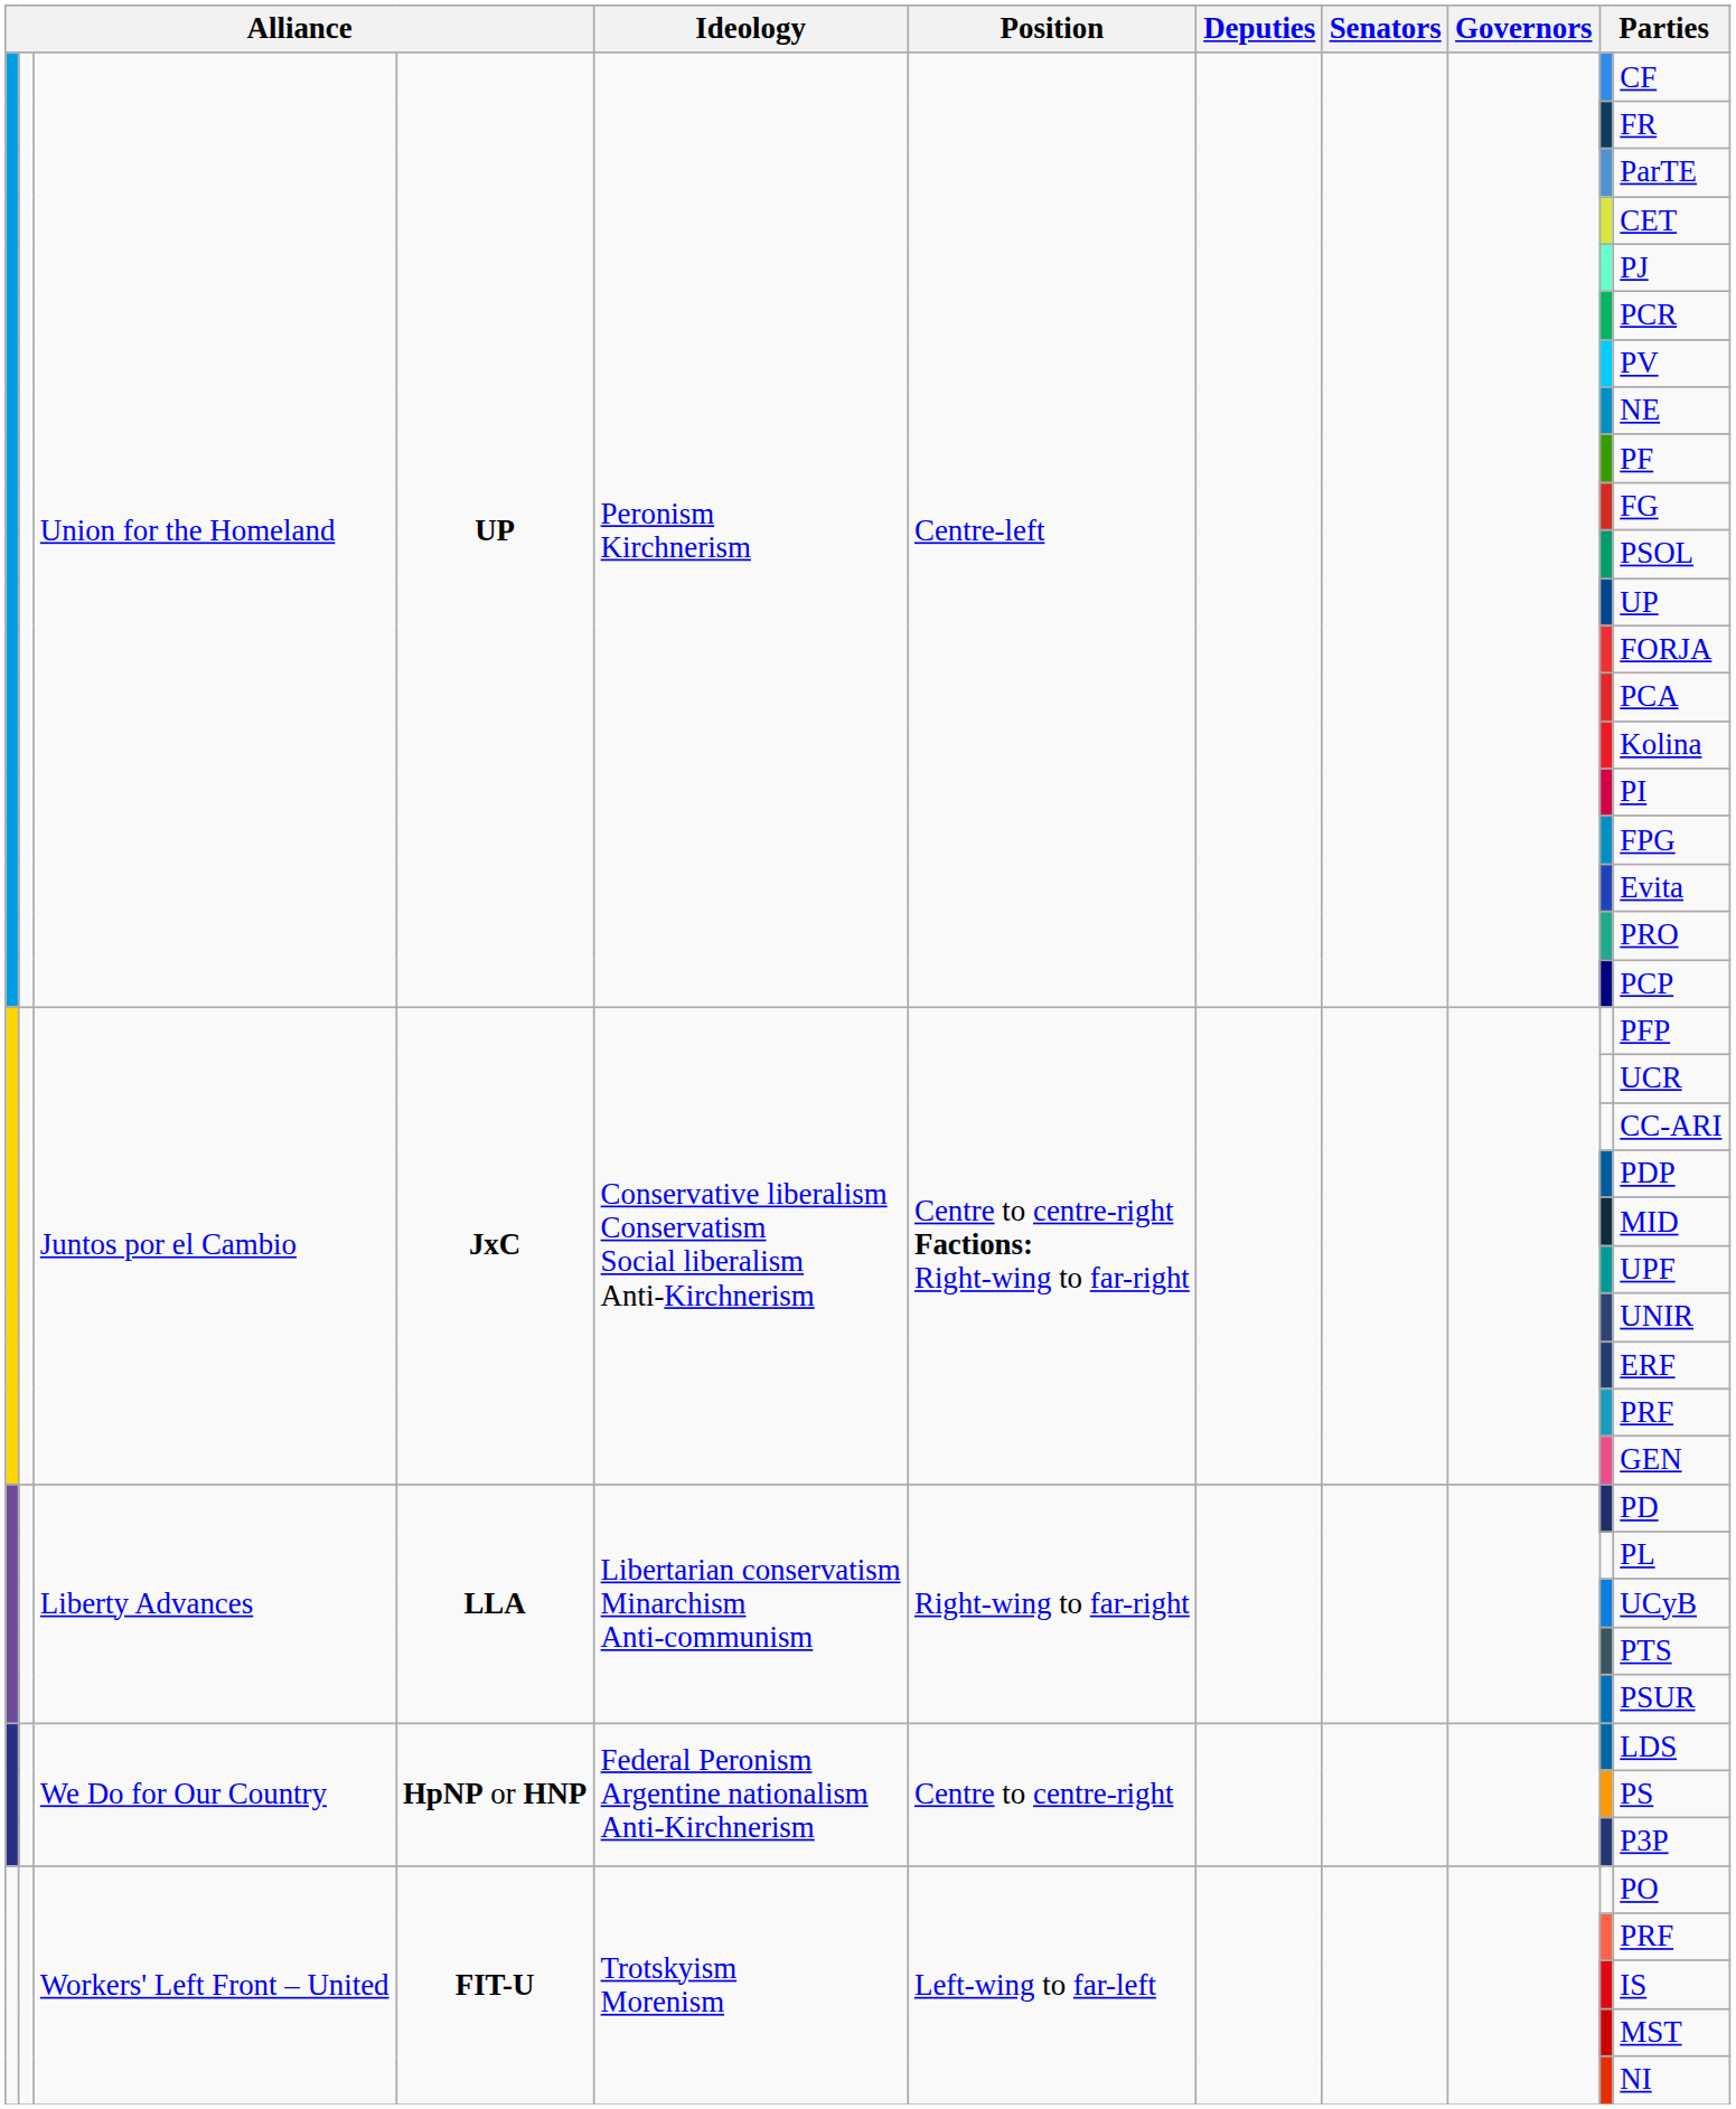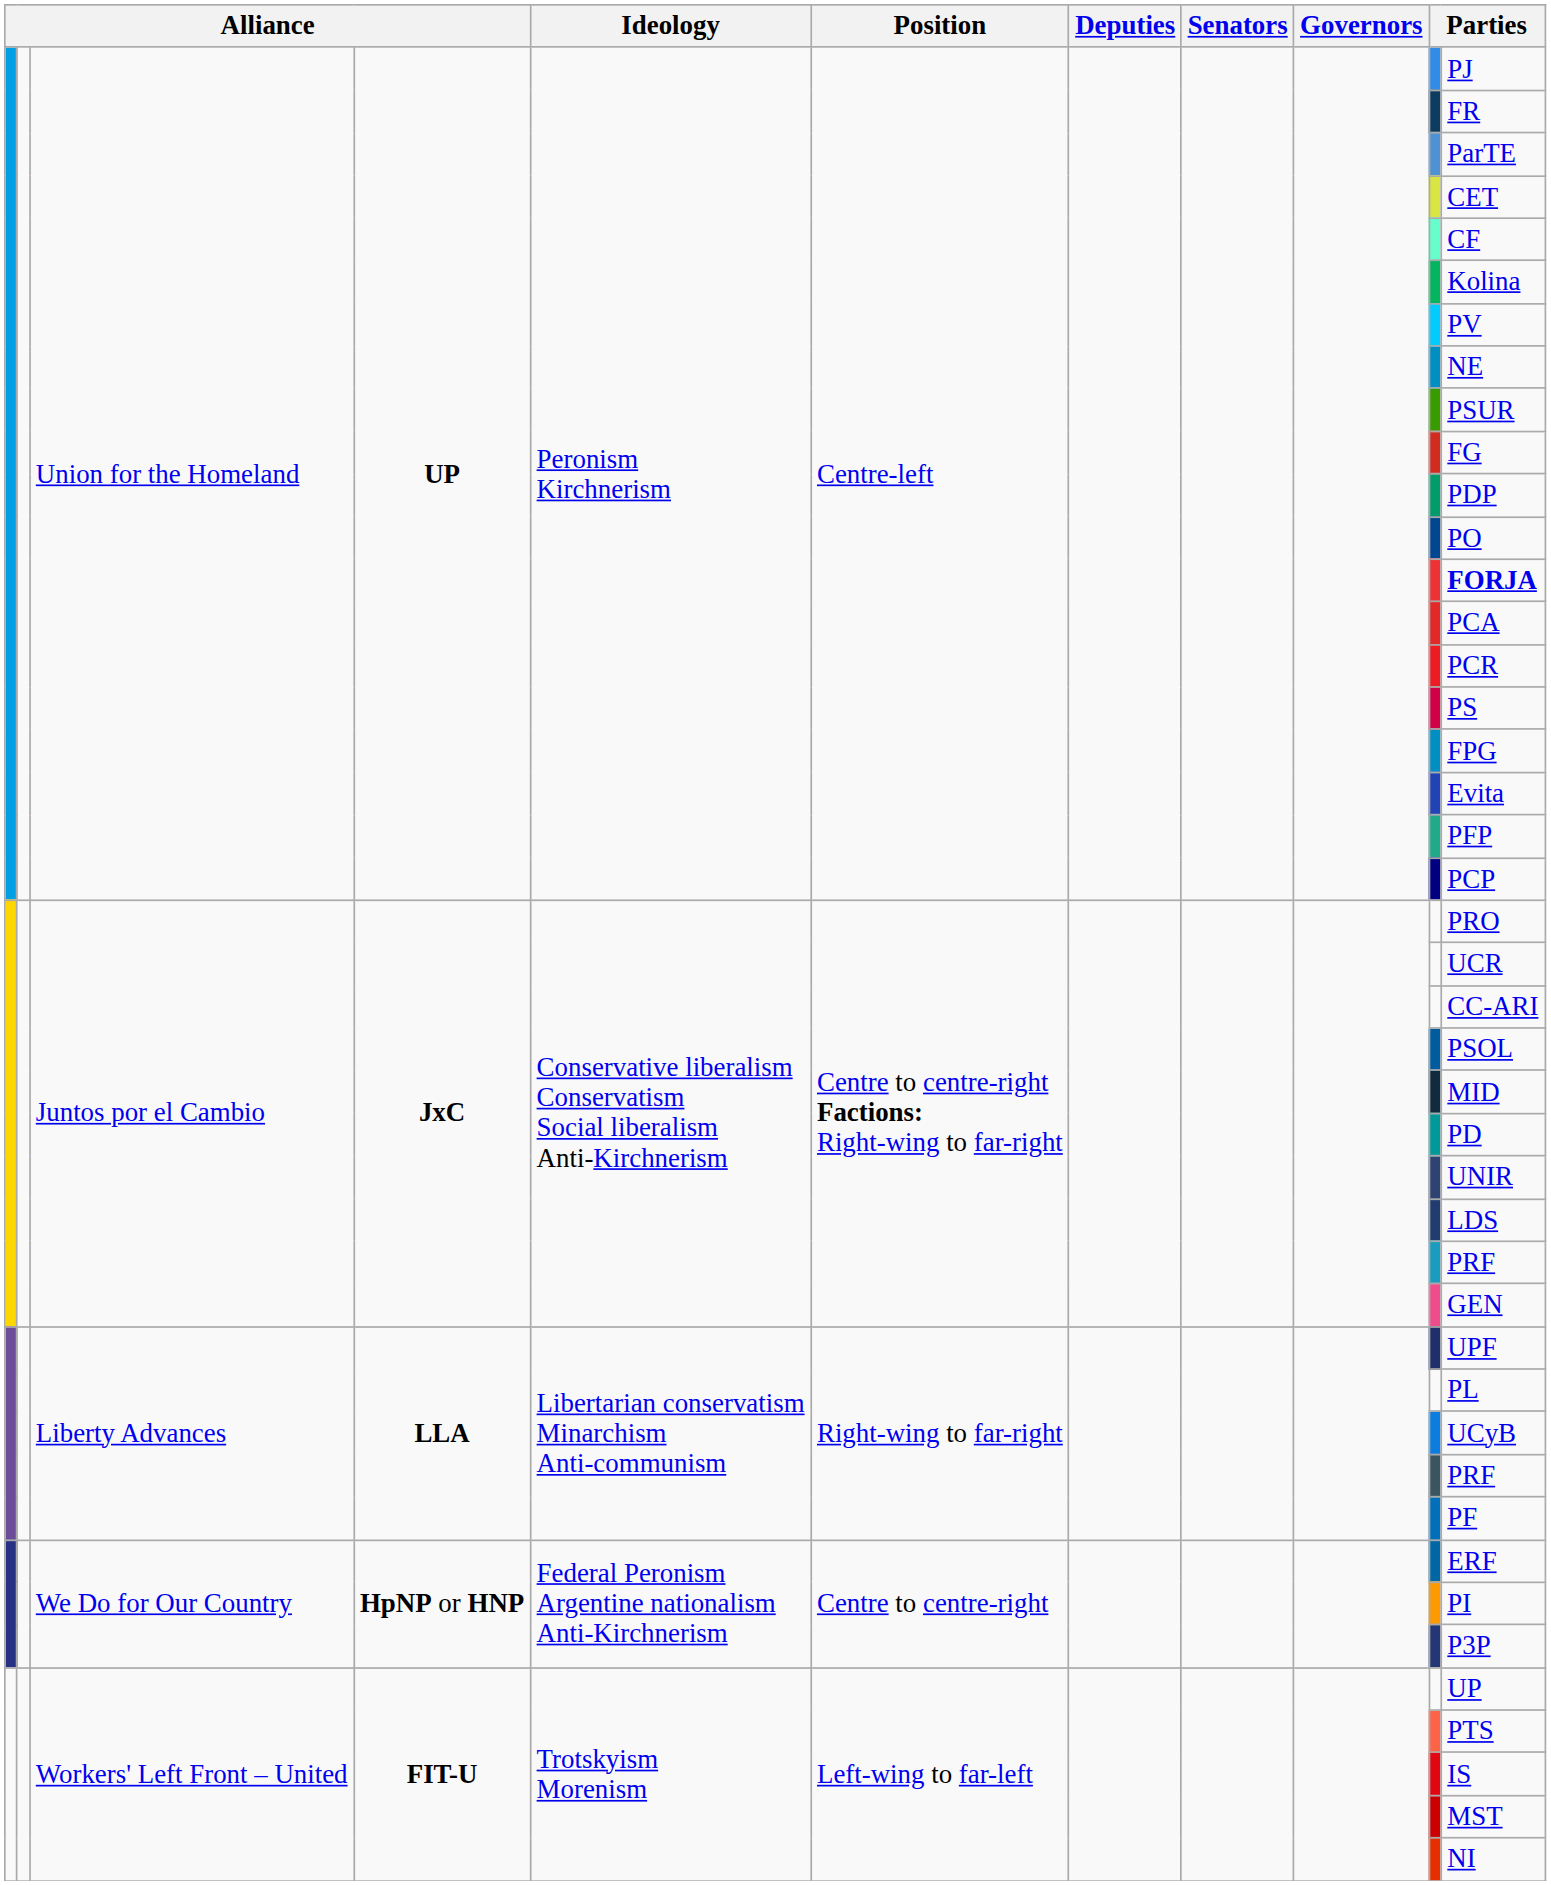 <table class="wikitable">
 <tr>
 <th colspan=4>Alliance</th>
 <th>Ideology</th>
 <th>Position</th>
 <th><a href='#'>Deputies</a></th>
 <th><a href='#'>Senators</a></th>
 <th><a href='#'>Governors</a></th>
 <th colspan=2>Parties</th>
 </tr>
 <tr>
 <td rowspan=20 style="background:#009FE3;"></td>
 <td rowspan=20></td>
 <td rowspan=20><a href='#'>Union for the Homeland</a><br></td>
 <td rowspan=20 align=center><strong>UP</strong></td>
 <td rowspan=20><a href='#'>Peronism</a><br><a href='#'>Kirchnerism</a></td>
 <td rowspan=20><a href='#'>Centre-left</a></td>
 <td rowspan=20></td>
 <td rowspan=20></td>
 <td rowspan=20></td>
 <td bgcolor="#318CE7"></td>
-<td><a href='#'>CF</a></td>
+<td><a href='#'>PJ</a></td>
 </tr>
 <tr>
 <td bgcolor="#0E3C61"></td>
 <td><a href='#'>FR</a></td>
 </tr>
 <tr>
 <td bgcolor="#4E92D3"></td>
 <td><a href='#'>ParTE</a></td>
 </tr>
 <tr>
 <td bgcolor="#D9E542"></td>
 <td><a href='#'>CET</a></td>
 </tr>
 <tr>
 <td bgcolor="#66FFCC"></td>
-<td><a href='#'>PJ</a></td>
+<td><a href='#'>CF</a></td>
 </tr>
 <tr>
 <td bgcolor="#04B45F"></td>
-<td><a href='#'>PCR</a></td>
+<td><a href='#'>Kolina</a></td>
 </tr>
 <tr>
 <td bgcolor="#00CCFF"></td>
 <td><a href='#'>PV</a></td>
 </tr>
 <tr>
 <td bgcolor="#008FC3"></td>
 <td><a href='#'>NE</a></td>
 </tr>
 <tr>
 <td bgcolor="#389B00"></td>
-<td><a href='#'>PF</a></td>
+<td><a href='#'>PSUR</a></td>
 </tr>
 <tr>
 <td bgcolor="#D22C21"></td>
 <td><a href='#'>FG</a></td>
 </tr>
 <tr>
 <td bgcolor="#029C6A"></td>
-<td><a href='#'>PSOL</a></td>
+<td><a href='#'>PDP</a></td>
 </tr>
 <tr>
 <td bgcolor="#00478F"></td>
-<td><a href='#'>UP</a></td>
+<td><a href='#'>PO</a></td>
 </tr>
 <tr>
 <td bgcolor="#ED3236"></td>
-<td><a href='#'>FORJA</a></td>
+<td><strong><a href='#'>FORJA</a></strong></td>
 </tr>
 <tr>
 <td bgcolor="#E22928"></td>
 <td><a href='#'>PCA</a></td>
 </tr>
 <tr>
 <td bgcolor="#ED1C24"></td>
-<td><a href='#'>Kolina</a></td>
+<td><a href='#'>PCR</a></td>
 </tr>
 <tr>
 <td bgcolor="#D10047"></td>
-<td><a href='#'>PI</a></td>
+<td><a href='#'>PS</a></td>
 </tr>
 <tr>
 <td bgcolor="#008FC3"></td>
 <td><a href='#'>FPG</a></td>
 </tr>
 <tr>
 <td bgcolor="#2243B6"></td>
 <td><a href='#'>Evita</a></td>
 </tr>
 <tr>
 <td bgcolor="#1FAA89"></td>
-<td><a href='#'>PRO</a></td>
+<td><a href='#'>PFP</a></td>
 </tr>
 <tr>
 <td bgcolor="#000081"></td>
 <td><a href='#'>PCP</a></td>
 </tr>
 <tr>
 <td rowspan=10 style="background:#FFD700;"></td>
 <td rowspan=10></td>
 <td rowspan=10><a href='#'>Juntos por el Cambio</a><br></td>
 <td rowspan=10 align=center><strong>JxC</strong></td>
 <td rowspan=10><a href='#'>Conservative liberalism</a><br><a href='#'>Conservatism</a><br><a href='#'>Social liberalism</a><br>Anti-<a href='#'>Kirchnerism</a></td>
 <td rowspan=10><a href='#'>Centre</a> to <a href='#'>centre-right</a><br><strong>Factions:</strong><br><a href='#'>Right-wing</a> to <a href='#'>far-right</a></td>
 <td rowspan=10></td>
 <td rowspan=10></td>
 <td rowspan=10></td>
 <td bgcolor=></td>
-<td><a href='#'>PFP</a></td>
+<td><a href='#'>PRO</a></td>
 </tr>
 <tr>
 <td bgcolor=></td>
 <td><a href='#'>UCR</a></td>
 </tr>
 <tr>
 <td bgcolor=></td>
 <td><a href='#'>CC-ARI</a></td>
 </tr>
 <tr>
 <td bgcolor="#005C9E"></td>
-<td><a href='#'>PDP</a></td>
+<td><a href='#'>PSOL</a></td>
 </tr>
 <tr>
 <td bgcolor="#0F2B3D"></td>
 <td><a href='#'>MID</a></td>
 </tr>
 <tr>
 <td bgcolor="#009999"></td>
-<td><a href='#'>UPF</a></td>
+<td><a href='#'>PD</a></td>
 </tr>
 <tr>
 <td bgcolor="#2E4371"></td>
 <td><a href='#'>UNIR</a></td>
 </tr>
 <tr>
 <td bgcolor="#213C6E"></td>
-<td><a href='#'>ERF</a></td>
+<td><a href='#'>LDS</a></td>
 </tr>
 <tr>
 <td bgcolor="#199CBF"></td>
 <td><a href='#'>PRF</a></td>
 </tr>
 <tr>
 <td bgcolor="#EE4D8B"></td>
 <td><a href='#'>GEN</a></td>
 </tr>
 <tr>
 <td rowspan=5 style="background:#6C4C99;"></td>
 <td rowspan=5></td>
 <td rowspan=5><a href='#'>Liberty Advances</a><br></td>
 <td rowspan=5 align=center><strong>LLA</strong></td>
 <td rowspan=5><a href='#'>Libertarian conservatism</a><br><a href='#'>Minarchism</a><br><a href='#'>Anti-communism</a></td>
 <td rowspan=5><a href='#'>Right-wing</a> to <a href='#'>far-right</a></td>
 <td rowspan=5></td>
 <td rowspan=5></td>
 <td rowspan=5></td>
 <td style="background:#1F2F6B;"></td>
-<td><a href='#'>PD</a></td>
+<td><a href='#'>UPF</a></td>
 </tr>
 <tr>
 <td style="background:"></td>
 <td><a href='#'>PL</a></td>
 </tr>
 <tr>
 <td style="background:#0B7DE0;"></td>
 <td><a href='#'>UCyB</a></td>
 </tr>
 <tr>
 <td style="background:#3A5560;"></td>
-<td><a href='#'>PTS</a></td>
+<td><a href='#'>PRF</a></td>
 </tr>
 <tr>
 <td style="background:#0070BA;"></td>
-<td><a href='#'>PSUR</a></td>
+<td><a href='#'>PF</a></td>
 </tr>
 <tr>
 <td rowspan=3 style="background:#283084;"></td>
 <td rowspan=3></td>
 <td rowspan=3><a href='#'>We Do for Our Country</a><br></td>
 <td rowspan=3 align=center><strong>HpNP</strong> or <strong>HNP</strong></td>
 <td rowspan=3><a href='#'>Federal Peronism</a><br><a href='#'>Argentine nationalism</a><br><a href='#'>Anti-Kirchnerism</a></td>
 <td rowspan=3><a href='#'>Centre</a> to <a href='#'>centre-right</a></td>
 <td rowspan=3></td>
 <td rowspan=3></td>
 <td rowspan=3></td>
 <td bgcolor="#0067A5"></td>
-<td><a href='#'>LDS</a></td>
+<td><a href='#'>ERF</a></td>
 </tr>
 <tr>
 <td bgcolor="#FF9900"></td>
-<td><a href='#'>PS</a></td>
+<td><a href='#'>PI</a></td>
 </tr>
 <tr>
 <td bgcolor="#243674"></td>
 <td><a href='#'>P3P</a></td>
 </tr>
 <tr>
 <td rowspan=5 style="background:"></td>
 <td rowspan=5></td>
 <td rowspan=5><a href='#'>Workers' Left Front – United</a><br></td>
 <td rowspan=5 align=center><strong>FIT-U</strong></td>
 <td rowspan=5><a href='#'>Trotskyism</a><br><a href='#'>Morenism</a></td>
 <td rowspan=5><a href='#'>Left-wing</a> to <a href='#'>far-left</a></td>
 <td rowspan=5></td>
 <td rowspan=5></td>
 <td rowspan=5></td>
 <td bgcolor=></td>
-<td><a href='#'>PO</a></td>
+<td><a href='#'>UP</a></td>
 </tr>
 <tr>
 <td bgcolor=#FF6347></td>
-<td><a href='#'>PRF</a></td>
+<td><a href='#'>PTS</a></td>
 </tr>
 <tr>
 <td bgcolor=#E20612></td>
 <td><a href='#'>IS</a></td>
 </tr>
 <tr>
 <td bgcolor=#CC0000></td>
 <td><a href='#'>MST</a></td>
 </tr>
 <tr>
 <td bgcolor=#E62E00></td>
 <td><a href='#'>NI</a></td>
 </tr>
 <tr>
 </tr>
 </table>
